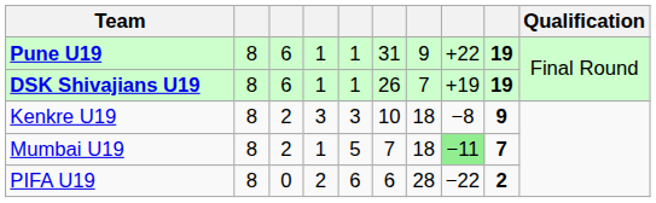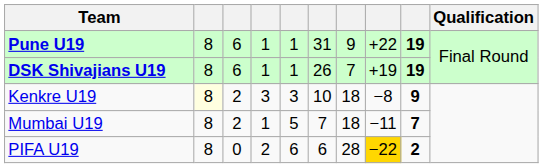 <table class="wikitable" style="text-align:center">
 <tr>
 <th width="175">Team</th>
 <th width="20"></th>
 <th width="20"></th>
 <th width="20"></th>
 <th width="20"></th>
 <th width="20"></th>
 <th width="20"></th>
 <th width="20"></th>
 <th width="20"></th>
 <th width="20">Qualification</th>
 </tr>
 <tr bgcolor="#ccffcc">
 <td align=left><strong><a href='#'>Pune U19</a></strong></td>
 <td>8</td>
 <td>6</td>
 <td>1</td>
 <td>1</td>
 <td>31</td>
 <td>9</td>
 <td>+22</td>
 <td><strong>19</strong></td>
 <td rowspan="2">Final Round</td>
 </tr>
 <tr bgcolor="#ccffcc">
 <td align=left><strong><a href='#'>DSK Shivajians U19</a></strong></td>
 <td>8</td>
 <td>6</td>
 <td>1</td>
 <td>1</td>
 <td>26</td>
 <td>7</td>
 <td>+19</td>
 <td><strong>19</strong></td>
 </tr>
 <tr>
 <td align=left><a href='#'>Kenkre U19</a></td>
-<td>8</td>
+<td style="background: lightyellow;">8</td>
 <td>2</td>
 <td>3</td>
 <td>3</td>
 <td>10</td>
 <td>18</td>
 <td>−8</td>
 <td><strong>9</strong></td>
 </tr>
 <tr>
 <td align=left><a href='#'>Mumbai U19</a></td>
 <td>8</td>
 <td>2</td>
 <td>1</td>
 <td>5</td>
 <td>7</td>
 <td>18</td>
-<td style="background: lightgreen;">−11</td>
+<td>−11</td>
 <td><strong>7</strong></td>
 </tr>
 <tr>
 <td align=left><a href='#'>PIFA U19</a></td>
 <td>8</td>
 <td>0</td>
 <td>2</td>
 <td>6</td>
 <td>6</td>
 <td>28</td>
-<td>−22</td>
+<td style="background: gold;">−22</td>
 <td><strong>2</strong></td>
 </tr>
 </table>
